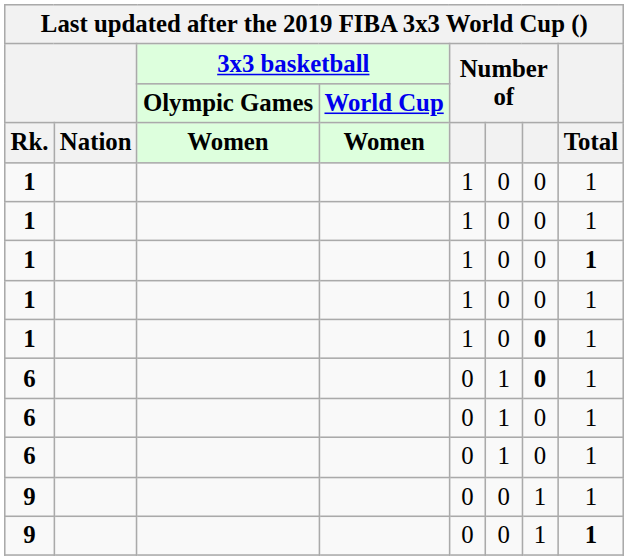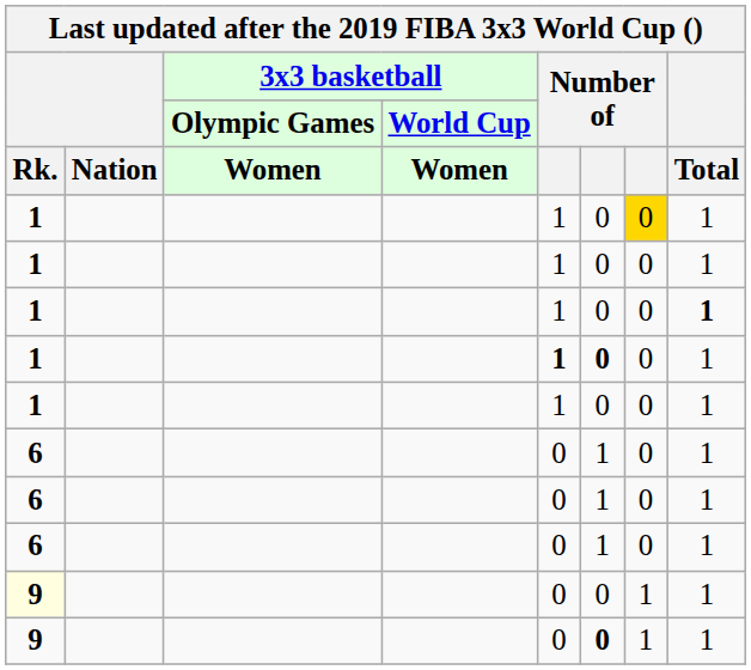 <table class="wikitable" style="margin-top: 0em; text-align: center; font-size: 100%;">
 <tr>
 <th colspan="8">Last updated after the 2019 FIBA 3x3 World Cup ()</th>
 </tr>
 <tr>
 <th rowspan="2" colspan="2"></th>
 <th colspan="2" style="background: #dfd;"><a href='#'>3x3 basketball</a></th>
 <th rowspan="2" colspan="3">Number of</th>
 <th rowspan="2"></th>
 </tr>
 <tr>
 <th style="background: #dfd;">Olympic Games</th>
 <th style="background: #dfd;"><a href='#'>World Cup</a></th>
 </tr>
 <tr>
 <th style="width: 1em;">Rk.</th>
 <th>Nation</th>
 <th style="background: #dfd;">Women</th>
 <th style="background: #dfd;">Women</th>
 <th style="width: 1em;"></th>
 <th style="width: 1em;"></th>
 <th style="width: 1em;"></th>
 <th style="width: 1em;">Total</th>
 </tr>
 <tr>
 <td><strong>1</strong></td>
 <td style="text-align: left;"></td>
 <td></td>
 <td></td>
 <td>1</td>
 <td>0</td>
-<td>0</td>
+<td style="background: gold;">0</td>
 <td>1</td>
 </tr>
 <tr>
 <td><strong>1</strong></td>
 <td style="text-align: left;"></td>
 <td></td>
 <td></td>
 <td>1</td>
 <td>0</td>
 <td>0</td>
 <td>1</td>
 </tr>
 <tr>
 <td><strong>1</strong></td>
 <td style="text-align: left;"></td>
 <td></td>
 <td></td>
 <td>1</td>
 <td>0</td>
 <td>0</td>
 <td><strong>1</strong></td>
 </tr>
 <tr>
 <td><strong>1</strong></td>
 <td style="text-align: left;"></td>
 <td></td>
 <td></td>
-<td>1</td>
-<td>0</td>
+<td><strong>1</strong></td>
+<td><strong>0</strong></td>
 <td>0</td>
 <td>1</td>
 </tr>
 <tr>
 <td><strong>1</strong></td>
 <td style="text-align: left;"></td>
 <td></td>
 <td></td>
 <td>1</td>
 <td>0</td>
-<td><strong>0</strong></td>
-<td>1</td>
-</tr>
-<tr>
-<td><strong>6</strong></td>
-<td style="text-align: left;"></td>
-<td></td>
-<td></td>
 <td>0</td>
-<td>1</td>
-<td><strong>0</strong></td>
 <td>1</td>
 </tr>
 <tr>
 <td><strong>6</strong></td>
 <td style="text-align: left;"></td>
 <td></td>
 <td></td>
 <td>0</td>
 <td>1</td>
 <td>0</td>
 <td>1</td>
 </tr>
 <tr>
 <td><strong>6</strong></td>
 <td style="text-align: left;"></td>
 <td></td>
 <td></td>
 <td>0</td>
 <td>1</td>
 <td>0</td>
 <td>1</td>
 </tr>
 <tr>
-<td><strong>9</strong></td>
+<td><strong>6</strong></td>
+<td style="text-align: left;"></td>
+<td></td>
+<td></td>
+<td>0</td>
+<td>1</td>
+<td>0</td>
+<td>1</td>
+</tr>
+<tr>
+<td style="background: lightyellow;"><strong>9</strong></td>
 <td style="text-align: left;"></td>
 <td></td>
 <td></td>
 <td>0</td>
 <td>0</td>
 <td>1</td>
 <td>1</td>
 </tr>
 <tr>
 <td><strong>9</strong></td>
 <td style="text-align: left;"></td>
 <td></td>
 <td></td>
 <td>0</td>
-<td>0</td>
+<td><strong>0</strong></td>
 <td>1</td>
-<td><strong>1</strong></td>
+<td>1</td>
 </tr>
 </table>
